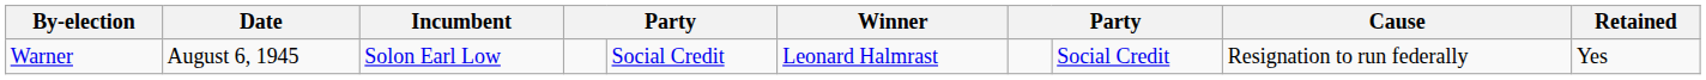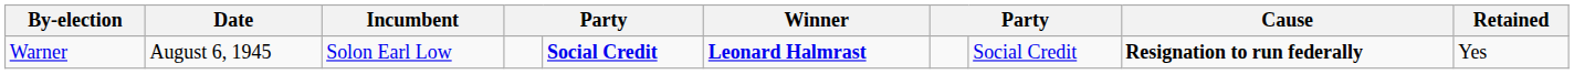 <table class=wikitable style="width:100%">
 <tr>
 <th>By-election</th>
 <th>Date</th>
 <th>Incumbent</th>
 <th colspan=2>Party</th>
 <th>Winner</th>
 <th colspan=2>Party</th>
 <th>Cause</th>
 <th>Retained</th>
 </tr>
 <tr>
 <td><a href='#'>Warner</a></td>
 <td>August 6, 1945</td>
 <td><a href='#'>Solon Earl Low</a></td>
 <td>    </td>
-<td><a href='#'>Social Credit</a></td>
-<td><a href='#'>Leonard Halmrast</a></td>
+<td><strong><a href='#'>Social Credit</a></strong></td>
+<td><strong><a href='#'>Leonard Halmrast</a></strong></td>
 <td>    </td>
 <td><a href='#'>Social Credit</a></td>
-<td>Resignation to run federally</td>
+<td><strong>Resignation to run federally</strong></td>
 <td>Yes</td>
 </tr>
 </table>
